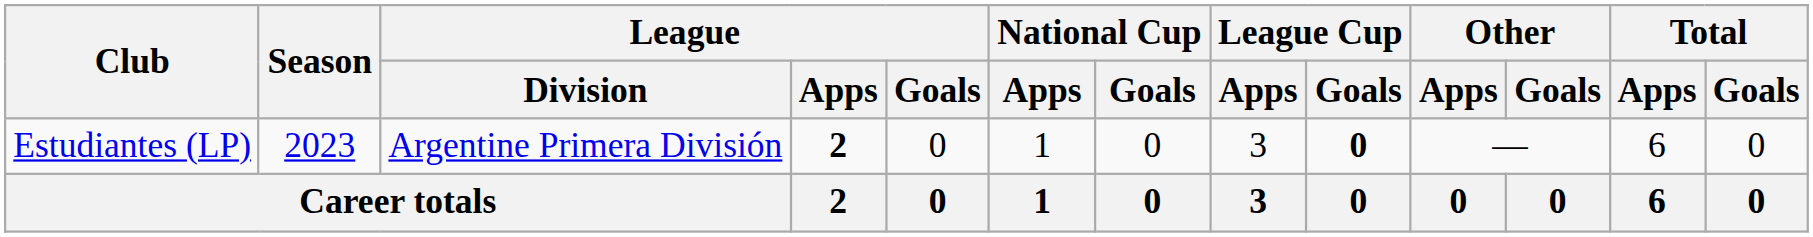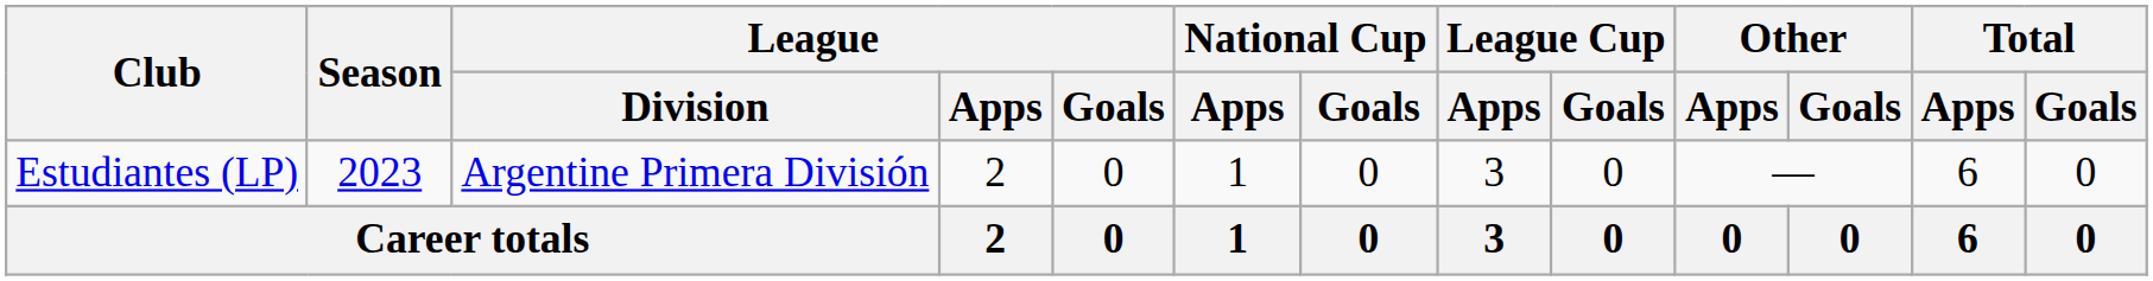 <table class="wikitable" style="text-align:center">
 <tr>
 <th rowspan="2">Club</th>
 <th rowspan="2">Season</th>
 <th colspan="3">League</th>
 <th colspan="2">National Cup</th>
 <th colspan="2">League Cup</th>
 <th colspan="2">Other</th>
 <th colspan="2">Total</th>
 </tr>
 <tr>
 <th>Division</th>
 <th>Apps</th>
 <th>Goals</th>
 <th>Apps</th>
 <th>Goals</th>
 <th>Apps</th>
 <th>Goals</th>
 <th>Apps</th>
 <th>Goals</th>
 <th>Apps</th>
 <th>Goals</th>
 </tr>
 <tr>
 <td><a href='#'>Estudiantes (LP)</a></td>
 <td><a href='#'>2023</a></td>
 <td><a href='#'>Argentine Primera División</a></td>
-<td><strong>2</strong></td>
+<td>2</td>
 <td>0</td>
 <td>1</td>
 <td>0</td>
 <td>3</td>
-<td><strong>0</strong></td>
+<td>0</td>
 <td colspan="2">—</td>
 <td>6</td>
 <td>0</td>
 </tr>
 <tr>
 <th colspan="3">Career totals</th>
 <th>2</th>
 <th>0</th>
 <th>1</th>
 <th>0</th>
 <th>3</th>
 <th>0</th>
 <th>0</th>
 <th>0</th>
 <th>6</th>
 <th>0</th>
 </tr>
 </table>
